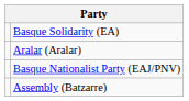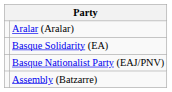 <table class="wikitable" style="text-align:left; font-size:97%;">
 <tr>
 <th colspan="2">Party</th>
 </tr>
 <tr>
+<td></td>
+<td><a href='#'>Aralar</a> (Aralar)</td>
+</tr>
+<tr>
 <td width="1"></td>
 <td><a href='#'>Basque Solidarity</a> (EA)</td>
-</tr>
-<tr>
-<td></td>
-<td><a href='#'>Aralar</a> (Aralar)</td>
 </tr>
 <tr>
 <td></td>
 <td><a href='#'>Basque Nationalist Party</a> (EAJ/PNV)</td>
 </tr>
 <tr>
 <td></td>
 <td><a href='#'>Assembly</a> (Batzarre)</td>
 </tr>
 </table>
